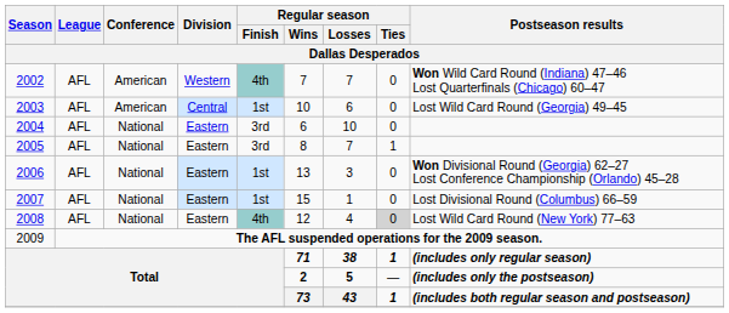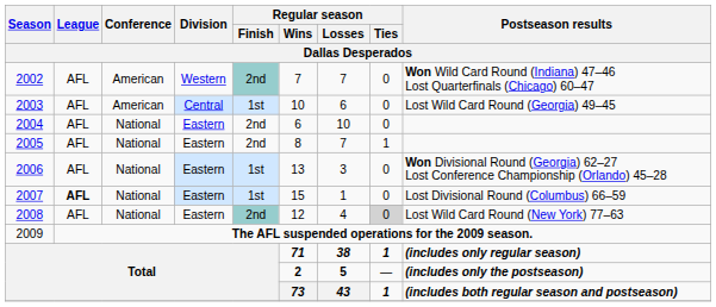 <table class="wikitable" style="font-size: 95%; width:70%;">
 <tr>
 <th rowspan="2" style="width:5%;"><a href='#'>Season</a></th>
 <th rowspan="2" style="width:5%;"><a href='#'>League</a></th>
 <th rowspan="2" style="width:5%;">Conference</th>
 <th rowspan="2">Division</th>
 <th colspan="4">Regular season</th>
 <th rowspan="2">Postseason results</th>
 </tr>
 <tr>
 <th>Finish</th>
 <th>Wins</th>
 <th>Losses</th>
 <th>Ties</th>
 </tr>
 <tr>
 <th colspan="9">Dallas Desperados</th>
 </tr>
 <tr>
 <td align="center"><a href='#'>2002</a></td>
 <td align="center">AFL</td>
 <td align="center">American</td>
 <td align="center"><a href='#'>Western</a></td>
-<td align="center" bgcolor="#96CDCD">4th</td>
+<td align="center" bgcolor="#96CDCD">2nd</td>
 <td align="center">7</td>
 <td align="center">7</td>
 <td align="center">0</td>
 <td><strong>Won</strong> Wild Card Round (<a href='#'>Indiana</a>) 47–46 <br> Lost Quarterfinals (<a href='#'>Chicago</a>) 60–47</td>
 </tr>
 <tr>
 <td align="center"><a href='#'>2003</a></td>
 <td align="center">AFL</td>
 <td align="center">American</td>
 <td align="center" bgcolor="#D0E7FF"><a href='#'>Central</a></td>
 <td align="center" bgcolor="#D0E7FF">1st</td>
 <td align="center">10</td>
 <td align="center">6</td>
 <td align="center">0</td>
 <td>Lost Wild Card Round (<a href='#'>Georgia</a>) 49–45</td>
 </tr>
 <tr>
 <td align="center"><a href='#'>2004</a></td>
 <td align="center">AFL</td>
 <td align="center">National</td>
 <td align="center"><a href='#'>Eastern</a></td>
-<td align="center">3rd</td>
+<td align="center">2nd</td>
 <td align="center">6</td>
 <td align="center">10</td>
 <td align="center">0</td>
 <td></td>
 </tr>
 <tr>
 <td align="center"><a href='#'>2005</a></td>
 <td align="center">AFL</td>
 <td align="center">National</td>
 <td align="center">Eastern</td>
-<td align="center">3rd</td>
+<td align="center">2nd</td>
 <td align="center">8</td>
 <td align="center">7</td>
 <td align="center">1</td>
 <td></td>
 </tr>
 <tr>
 <td align="center"><a href='#'>2006</a></td>
 <td align="center">AFL</td>
 <td align="center">National</td>
 <td align="center" bgcolor="#D0E7FF">Eastern</td>
 <td align="center" bgcolor="#D0E7FF">1st</td>
 <td align="center">13</td>
 <td align="center">3</td>
 <td align="center">0</td>
 <td><strong>Won</strong> Divisional Round (<a href='#'>Georgia</a>) 62–27 <br> Lost Conference Championship (<a href='#'>Orlando</a>) 45–28</td>
 </tr>
 <tr>
 <td align="center"><a href='#'>2007</a></td>
-<td align="center">AFL</td>
+<td align="center"><strong>AFL</strong></td>
 <td align="center">National</td>
 <td align="center" bgcolor="#D0E7FF">Eastern</td>
 <td align="center" bgcolor="#D0E7FF">1st</td>
 <td align="center">15</td>
 <td align="center">1</td>
 <td align="center">0</td>
 <td>Lost Divisional Round (<a href='#'>Columbus</a>) 66–59</td>
 </tr>
 <tr>
 <td align="center"><a href='#'>2008</a></td>
 <td align="center">AFL</td>
 <td align="center">National</td>
 <td align="center">Eastern</td>
-<td align="center" bgcolor="#96CDCD">4th</td>
+<td align="center" bgcolor="#96CDCD">2nd</td>
 <td align="center">12</td>
 <td align="center">4</td>
 <td align="center" style="background: lightgrey;">0</td>
 <td>Lost Wild Card Round (<a href='#'>New York</a>) 77–63</td>
 </tr>
 <tr>
 <td align="center">2009</td>
 <td align="center" Colspan="9"><strong>The AFL suspended operations for the 2009 season.</strong></td>
 </tr>
 <tr>
 <th align="center" rowSpan="3" colSpan="5">Total</th>
 <td align="center"><strong><em>71</em></strong></td>
 <td align="center"><strong><em>38</em></strong></td>
 <td align="center"><strong><em>1</em></strong></td>
 <td colSpan="2"><strong><em>(includes only regular season)</em></strong></td>
 </tr>
 <tr>
 <td align="center"><strong>2</strong></td>
 <td align="center"><strong>5</strong></td>
 <td align="center">—</td>
 <td colSpan="2"><strong><em>(includes only the postseason)</em></strong></td>
 </tr>
 <tr>
 <th align="center"><em>73</em></th>
 <th align="center"><em>43</em></th>
 <td align="center" bgcolor=""><strong><em>1</em></strong></td>
 <td colSpan="2"><strong><em>(includes both regular season and postseason)</em></strong></td>
 </tr>
 <tr>
 </tr>
 </table>
